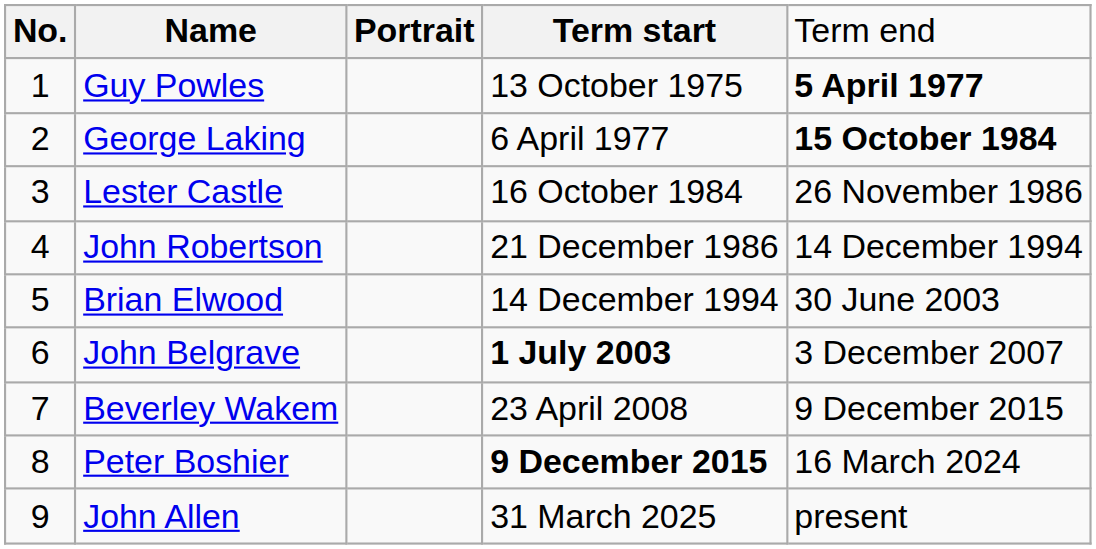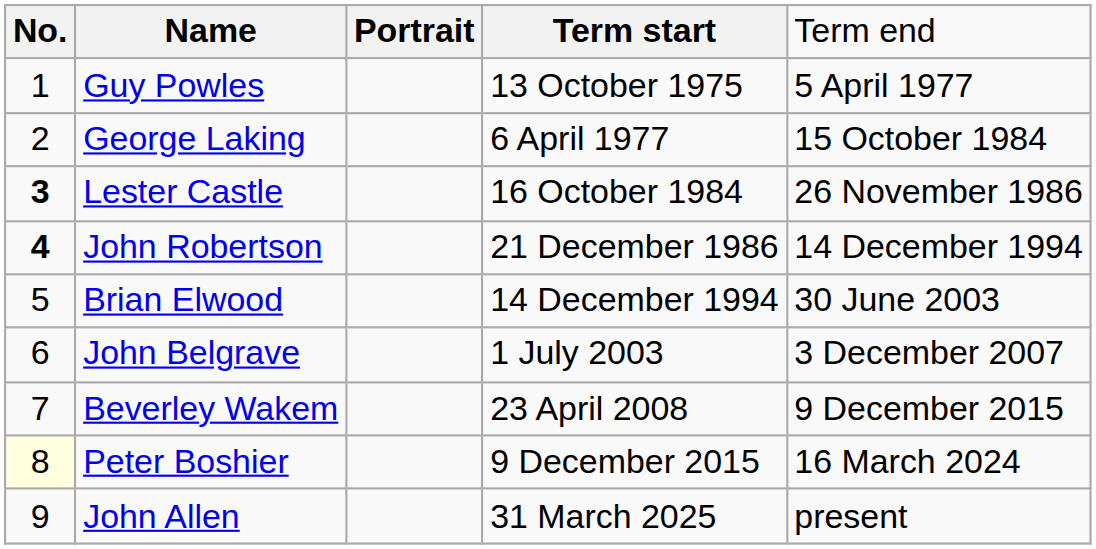 <table class="wikitable">
 <tr>
 <th>No.</th>
 <th>Name</th>
 <th>Portrait</th>
 <th>Term start</th>
 <td>Term end</td>
 </tr>
 <tr>
 <td align=center>1</td>
 <td><a href='#'>Guy Powles</a></td>
 <td></td>
 <td>13 October 1975</td>
-<td><strong>5 April 1977</strong></td>
+<td>5 April 1977</td>
 </tr>
 <tr>
 <td align=center>2</td>
 <td><a href='#'>George Laking</a></td>
 <td></td>
 <td>6 April 1977</td>
-<td><strong>15 October 1984</strong></td>
+<td>15 October 1984</td>
 </tr>
 <tr>
-<td align=center>3</td>
+<td align=center><strong>3</strong></td>
 <td><a href='#'>Lester Castle</a></td>
 <td></td>
 <td>16 October 1984</td>
 <td>26 November 1986</td>
 </tr>
 <tr>
-<td align=center>4</td>
+<td align=center><strong>4</strong></td>
 <td><a href='#'>John Robertson</a></td>
 <td></td>
 <td>21 December 1986</td>
 <td>14 December 1994</td>
 </tr>
 <tr>
 <td align=center>5</td>
 <td><a href='#'>Brian Elwood</a></td>
 <td></td>
 <td>14 December 1994</td>
 <td>30 June 2003</td>
 </tr>
 <tr>
 <td align=center>6</td>
 <td><a href='#'>John Belgrave</a></td>
 <td></td>
-<td><strong>1 July 2003</strong></td>
+<td>1 July 2003</td>
 <td>3 December 2007</td>
 </tr>
 <tr>
 <td align=center>7</td>
 <td><a href='#'>Beverley Wakem</a></td>
 <td></td>
 <td>23 April 2008</td>
 <td>9 December 2015</td>
 </tr>
 <tr>
-<td align=center>8</td>
+<td align=center style="background: lightyellow;">8</td>
 <td><a href='#'>Peter Boshier</a></td>
 <td></td>
-<td><strong>9 December 2015</strong></td>
+<td>9 December 2015</td>
 <td>16 March 2024</td>
 </tr>
 <tr>
 <td align=center>9</td>
 <td><a href='#'>John Allen</a></td>
 <td></td>
 <td>31 March 2025</td>
 <td>present</td>
 </tr>
 </table>
